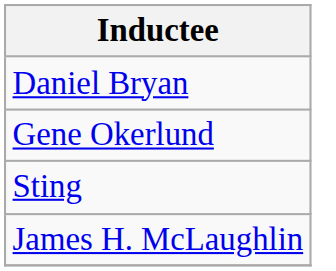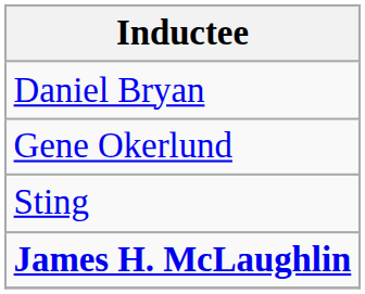 <table class="wikitable">
 <tr>
 <th>Inductee</th>
 </tr>
 <tr>
 <td><a href='#'>Daniel Bryan</a></td>
 </tr>
 <tr>
 <td><a href='#'>Gene Okerlund</a></td>
 </tr>
 <tr>
 <td><a href='#'>Sting</a></td>
 </tr>
 <tr>
-<td><a href='#'>James H. McLaughlin</a></td>
+<td><strong><a href='#'>James H. McLaughlin</a></strong></td>
 </tr>
 <tr>
 </tr>
 </table>
